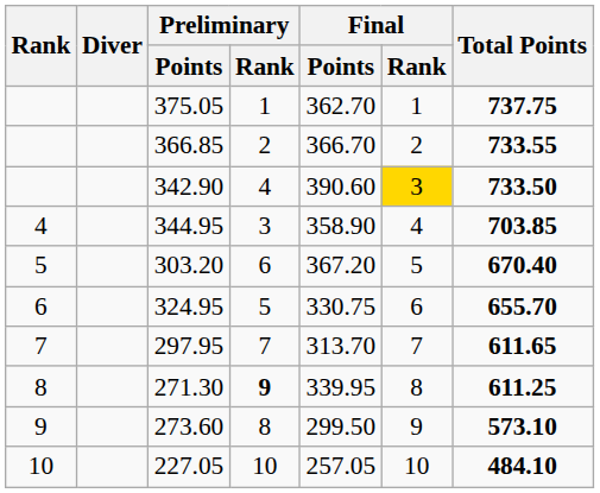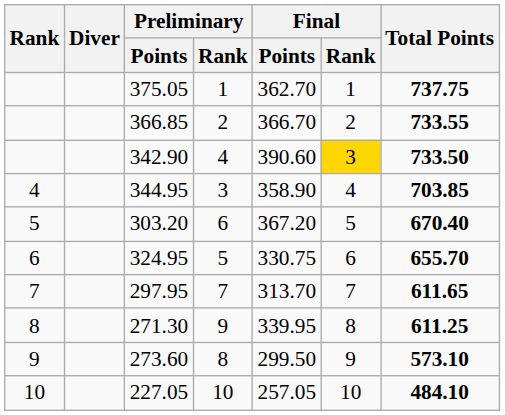 <table class="wikitable sortable" style="text-align:center">
 <tr>
 <th rowspan=2>Rank</th>
 <th rowspan=2>Diver</th>
 <th colspan=2>Preliminary</th>
 <th colspan=2>Final</th>
 <th rowspan=2>Total Points</th>
 </tr>
 <tr>
 <th>Points</th>
 <th>Rank</th>
 <th>Points</th>
 <th>Rank</th>
 </tr>
 <tr>
 <td></td>
 <td align=left></td>
 <td>375.05</td>
 <td>1</td>
 <td>362.70</td>
 <td>1</td>
 <td><strong>737.75</strong></td>
 </tr>
 <tr>
 <td></td>
 <td align=left></td>
 <td>366.85</td>
 <td>2</td>
 <td>366.70</td>
 <td>2</td>
 <td><strong>733.55</strong></td>
 </tr>
 <tr>
 <td></td>
 <td align=left></td>
 <td>342.90</td>
 <td>4</td>
 <td>390.60</td>
 <td style="background: gold;">3</td>
 <td><strong>733.50</strong></td>
 </tr>
 <tr>
 <td>4</td>
 <td align=left></td>
 <td>344.95</td>
 <td>3</td>
 <td>358.90</td>
 <td>4</td>
 <td><strong>703.85</strong></td>
 </tr>
 <tr>
 <td>5</td>
 <td align=left></td>
 <td>303.20</td>
 <td>6</td>
 <td>367.20</td>
 <td>5</td>
 <td><strong>670.40</strong></td>
 </tr>
 <tr>
 <td>6</td>
 <td align=left></td>
 <td>324.95</td>
 <td>5</td>
 <td>330.75</td>
 <td>6</td>
 <td><strong>655.70</strong></td>
 </tr>
 <tr>
 <td>7</td>
 <td align=left></td>
 <td>297.95</td>
 <td>7</td>
 <td>313.70</td>
 <td>7</td>
 <td><strong>611.65</strong></td>
 </tr>
 <tr>
 <td>8</td>
 <td align=left></td>
 <td>271.30</td>
-<td><strong>9</strong></td>
+<td>9</td>
 <td>339.95</td>
 <td>8</td>
 <td><strong>611.25</strong></td>
 </tr>
 <tr>
 <td>9</td>
 <td align=left></td>
 <td>273.60</td>
 <td>8</td>
 <td>299.50</td>
 <td>9</td>
 <td><strong>573.10</strong></td>
 </tr>
 <tr>
 <td>10</td>
 <td align=left></td>
 <td>227.05</td>
 <td>10</td>
 <td>257.05</td>
 <td>10</td>
 <td><strong>484.10</strong></td>
 </tr>
 </table>
